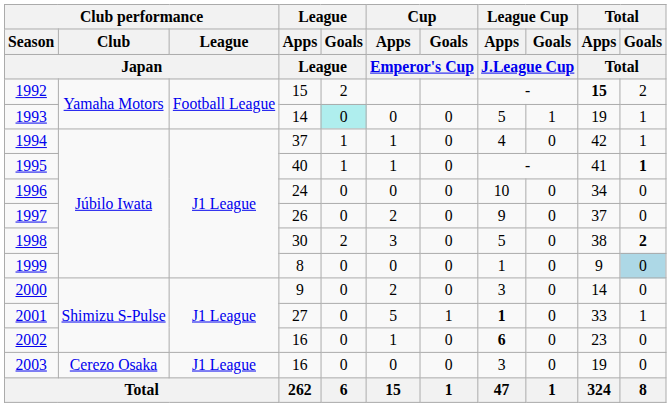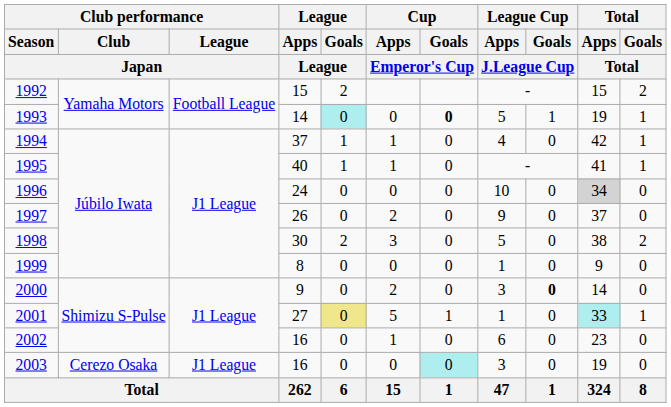 <table class="wikitable" style="text-align:center;">
 <tr>
 <th colspan=3>Club performance</th>
 <th colspan=2>League</th>
 <th colspan=2>Cup</th>
 <th colspan=2>League Cup</th>
 <th colspan=2>Total</th>
 </tr>
 <tr>
 <th>Season</th>
 <th>Club</th>
 <th>League</th>
 <th>Apps</th>
 <th>Goals</th>
 <th>Apps</th>
 <th>Goals</th>
 <th>Apps</th>
 <th>Goals</th>
 <th>Apps</th>
 <th>Goals</th>
 </tr>
 <tr>
 <th colspan=3>Japan</th>
 <th colspan=2>League</th>
 <th colspan=2><a href='#'>Emperor's Cup</a></th>
 <th colspan=2><a href='#'>J.League Cup</a></th>
 <th colspan=2>Total</th>
 </tr>
 <tr>
 <td><a href='#'>1992</a></td>
 <td rowspan="2"><a href='#'>Yamaha Motors</a></td>
 <td rowspan="2"><a href='#'>Football League</a></td>
 <td>15</td>
 <td>2</td>
 <td></td>
 <td></td>
 <td colspan="2">-</td>
-<td><strong>15</strong></td>
+<td>15</td>
 <td>2</td>
 </tr>
 <tr>
 <td><a href='#'>1993</a></td>
 <td>14</td>
 <td style="background: paleturquoise;">0</td>
 <td>0</td>
-<td>0</td>
+<td><strong>0</strong></td>
 <td>5</td>
 <td>1</td>
 <td>19</td>
 <td>1</td>
 </tr>
 <tr>
 <td><a href='#'>1994</a></td>
 <td rowspan="6"><a href='#'>Júbilo Iwata</a></td>
 <td rowspan="6"><a href='#'>J1 League</a></td>
 <td>37</td>
 <td>1</td>
 <td>1</td>
 <td>0</td>
 <td>4</td>
 <td>0</td>
 <td>42</td>
 <td>1</td>
 </tr>
 <tr>
 <td><a href='#'>1995</a></td>
 <td>40</td>
 <td>1</td>
 <td>1</td>
 <td>0</td>
 <td colspan="2">-</td>
 <td>41</td>
-<td><strong>1</strong></td>
+<td>1</td>
 </tr>
 <tr>
 <td><a href='#'>1996</a></td>
 <td>24</td>
 <td>0</td>
 <td>0</td>
 <td>0</td>
 <td>10</td>
 <td>0</td>
-<td>34</td>
+<td style="background: lightgrey;">34</td>
 <td>0</td>
 </tr>
 <tr>
 <td><a href='#'>1997</a></td>
 <td>26</td>
 <td>0</td>
 <td>2</td>
 <td>0</td>
 <td>9</td>
 <td>0</td>
 <td>37</td>
 <td>0</td>
 </tr>
 <tr>
 <td><a href='#'>1998</a></td>
 <td>30</td>
 <td>2</td>
 <td>3</td>
 <td>0</td>
 <td>5</td>
 <td>0</td>
 <td>38</td>
-<td><strong>2</strong></td>
+<td>2</td>
 </tr>
 <tr>
 <td><a href='#'>1999</a></td>
 <td>8</td>
 <td>0</td>
 <td>0</td>
 <td>0</td>
 <td>1</td>
 <td>0</td>
 <td>9</td>
-<td style="background: lightblue;">0</td>
+<td>0</td>
 </tr>
 <tr>
 <td><a href='#'>2000</a></td>
 <td rowspan="3"><a href='#'>Shimizu S-Pulse</a></td>
 <td rowspan="3"><a href='#'>J1 League</a></td>
 <td>9</td>
 <td>0</td>
 <td>2</td>
 <td>0</td>
 <td>3</td>
-<td>0</td>
+<td><strong>0</strong></td>
 <td>14</td>
 <td>0</td>
 </tr>
 <tr>
 <td><a href='#'>2001</a></td>
 <td>27</td>
-<td>0</td>
+<td style="background: khaki;">0</td>
 <td>5</td>
 <td>1</td>
-<td><strong>1</strong></td>
+<td>1</td>
 <td>0</td>
-<td>33</td>
+<td style="background: paleturquoise;">33</td>
 <td>1</td>
 </tr>
 <tr>
 <td><a href='#'>2002</a></td>
 <td>16</td>
 <td>0</td>
 <td>1</td>
 <td>0</td>
-<td><strong>6</strong></td>
+<td>6</td>
 <td>0</td>
 <td>23</td>
 <td>0</td>
 </tr>
 <tr>
 <td><a href='#'>2003</a></td>
 <td><a href='#'>Cerezo Osaka</a></td>
 <td><a href='#'>J1 League</a></td>
 <td>16</td>
 <td>0</td>
 <td>0</td>
-<td>0</td>
+<td style="background: paleturquoise;">0</td>
 <td>3</td>
 <td>0</td>
 <td>19</td>
 <td>0</td>
 </tr>
 <tr>
 <th colspan=3>Total</th>
 <th>262</th>
 <th>6</th>
 <th>15</th>
 <th>1</th>
 <th>47</th>
 <th>1</th>
 <th>324</th>
 <th>8</th>
 </tr>
 </table>
